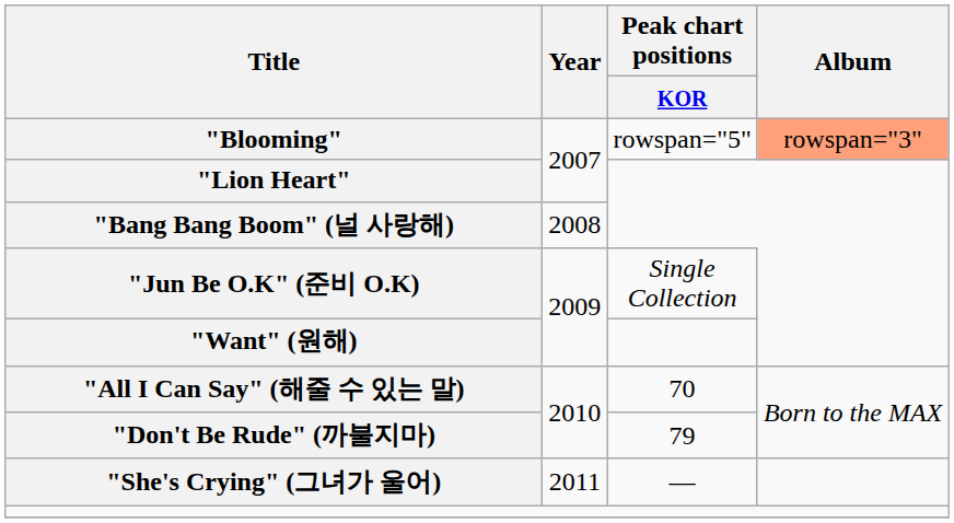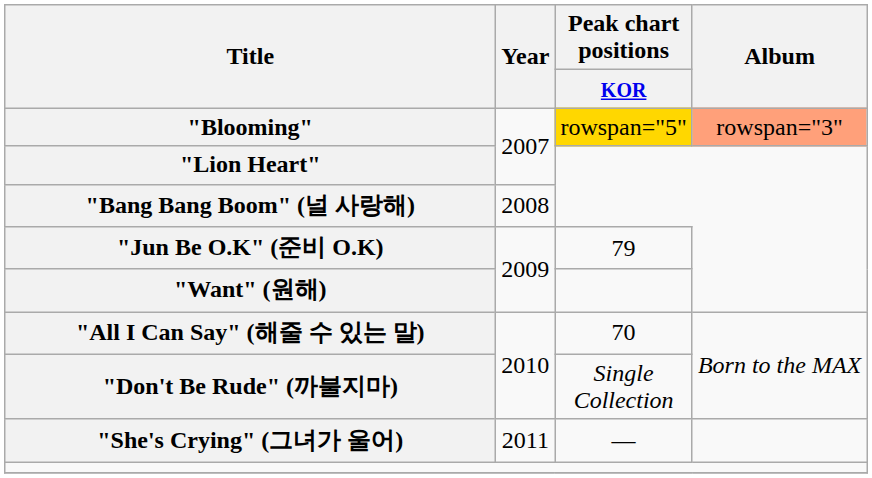 <table class="wikitable plainrowheaders" style="text-align:center;">
 <tr>
 <th scope="col" rowspan="2" style="width:20em;">Title</th>
 <th scope="col" rowspan="2">Year</th>
 <th scope="col" colspan="1" style="width:5em;">Peak chart positions</th>
 <th scope="col" rowspan="2">Album</th>
 </tr>
 <tr>
 <th><small><a href='#'>KOR</a></small><br></th>
 </tr>
 <tr>
 <th scope="row">"Blooming"</th>
 <td rowspan="2">2007</td>
-<td>rowspan="5" </td>
+<td style="background: gold;">rowspan="5" </td>
 <td style="background: lightsalmon;">rowspan="3" </td>
 </tr>
 <tr>
 <th scope="row">"Lion Heart"</th>
 </tr>
 <tr>
 <th scope="row">"Bang Bang Boom" (널 사랑해)</th>
 <td>2008</td>
 </tr>
 <tr>
 <th scope="row">"Jun Be O.K" (준비 O.K)</th>
 <td rowspan="2">2009</td>
-<td><em>Single Collection</em></td>
+<td>79</td>
 </tr>
 <tr>
 <th scope="row">"Want" (원해)</th>
 <td></td>
 </tr>
 <tr>
 <th scope="row">"All I Can Say" (해줄 수 있는 말)</th>
 <td rowspan="2">2010</td>
 <td>70</td>
 <td rowspan="2"><em>Born to the MAX</em></td>
 </tr>
 <tr>
 <th scope="row">"Don't Be Rude" (까불지마)</th>
-<td>79</td>
+<td><em>Single Collection</em></td>
 </tr>
 <tr>
 <th scope="row">"She's Crying" (그녀가 울어)</th>
 <td>2011</td>
 <td>—</td>
 <td></td>
 </tr>
 <tr>
 <td colspan="4"></td>
 </tr>
 <tr>
 </tr>
 </table>
